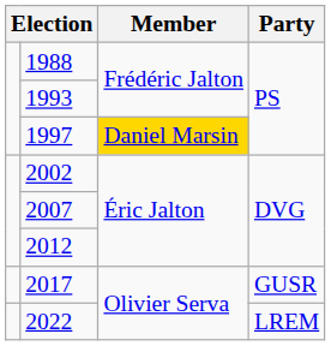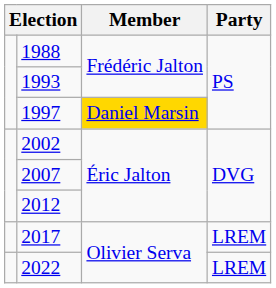 <table class="wikitable">
 <tr>
 <th colspan="2">Election</th>
 <th>Member</th>
 <th>Party</th>
 </tr>
 <tr>
 <td rowspan="3" style="color:inherit;background-color: "></td>
 <td><a href='#'>1988</a></td>
 <td rowspan="2"><a href='#'>Frédéric Jalton</a></td>
 <td rowspan="3"><a href='#'>PS</a></td>
 </tr>
 <tr>
 <td><a href='#'>1993</a></td>
 </tr>
 <tr>
 <td><a href='#'>1997</a></td>
 <td style="background: gold;"><a href='#'>Daniel Marsin</a></td>
 </tr>
 <tr>
 <td rowspan="3" style="color:inherit;background-color: "></td>
 <td><a href='#'>2002</a></td>
 <td rowspan="3"><a href='#'>Éric Jalton</a></td>
 <td rowspan="3"><a href='#'>DVG</a></td>
 </tr>
 <tr>
 <td><a href='#'>2007</a></td>
 </tr>
 <tr>
 <td><a href='#'>2012</a></td>
 </tr>
 <tr>
 <td style="color:inherit;background-color: "></td>
 <td><a href='#'>2017</a></td>
 <td rowspan="2"><a href='#'>Olivier Serva</a></td>
-<td><a href='#'>GUSR</a></td>
+<td><a href='#'>LREM</a></td>
 </tr>
 <tr>
 <td style="color:inherit;background-color: "></td>
 <td><a href='#'>2022</a></td>
 <td><a href='#'>LREM</a></td>
 </tr>
 </table>
